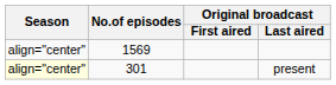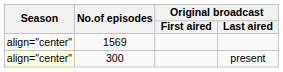 <table class="wikitable" style="text-align:center">
 <tr>
 <th style="padding: 0 8px" rowspan="2">Season</th>
 <th rowspan="2">No.of episodes</th>
 <th colspan="2">Original broadcast</th>
 </tr>
 <tr>
 <th style="padding: 0 8px">First aired</th>
 <th style="padding: 0 8px">Last aired</th>
 </tr>
 <tr>
 <td>align="center" </td>
 <td style="text-align:center;">1569</td>
 <td style="text-align:center;"></td>
 <td style="text-align:center;"></td>
 </tr>
 <tr>
 <td style="background: lightyellow;">align="center" </td>
-<td style="text-align:center;">301</td>
+<td style="text-align:center;">300</td>
 <td style="text-align:center;"></td>
 <td>present</td>
 </tr>
 </table>
